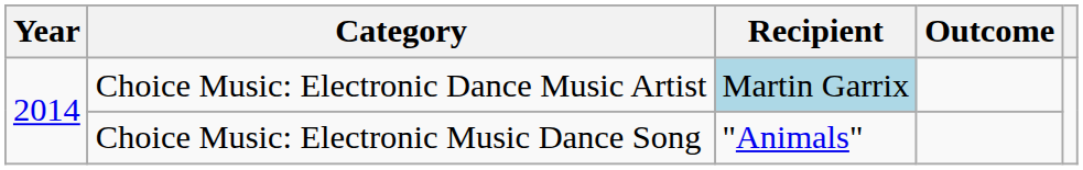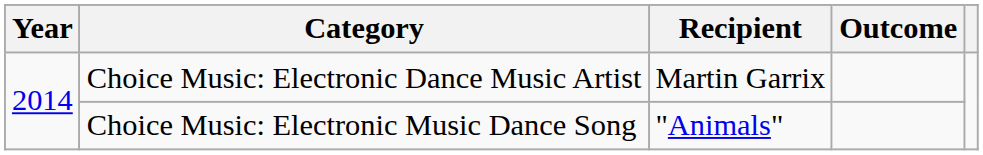 <table class="wikitable plainrowheaders sortable">
 <tr>
 <th scope="col">Year</th>
 <th scope="col">Category</th>
 <th scope="col">Recipient</th>
 <th scope="col">Outcome</th>
 <th scope="col" class="unsortable"></th>
 </tr>
 <tr>
 <td rowspan="2"><a href='#'>2014</a></td>
 <td>Choice Music: Electronic Dance Music Artist</td>
-<td style="background: lightblue;">Martin Garrix</td>
+<td>Martin Garrix</td>
 <td></td>
 <td style="text-align:center;" rowspan="2"></td>
 </tr>
 <tr>
 <td>Choice Music: Electronic Music Dance Song</td>
 <td rowspan="4">"<a href='#'>Animals</a>"</td>
 <td></td>
 </tr>
 </table>
